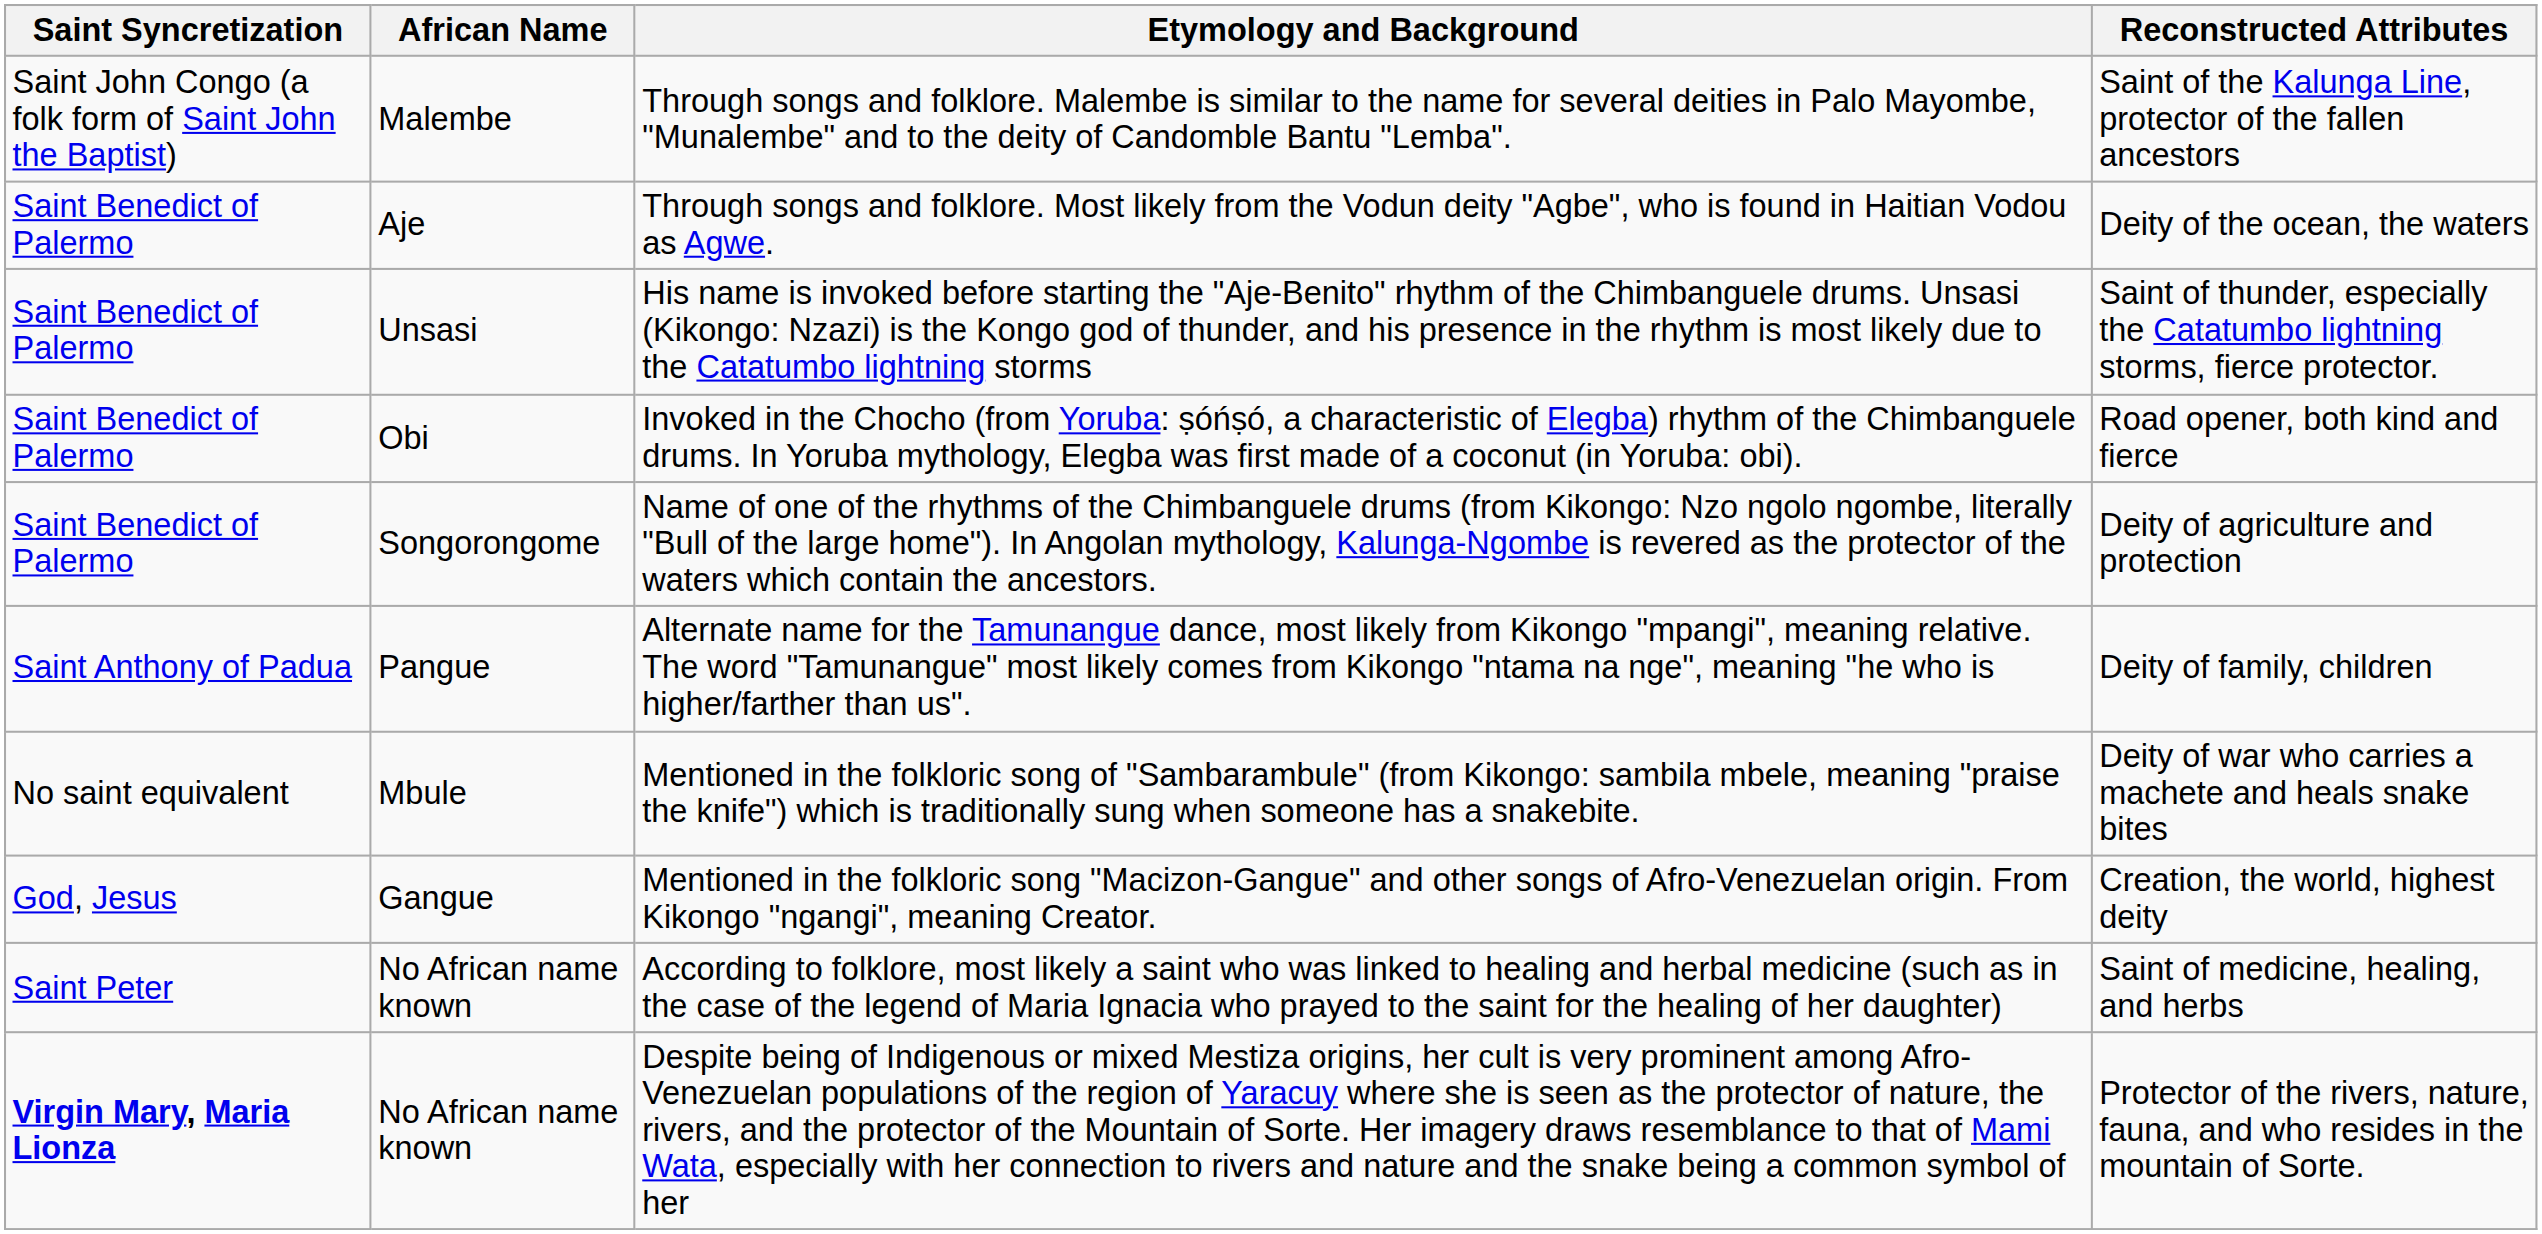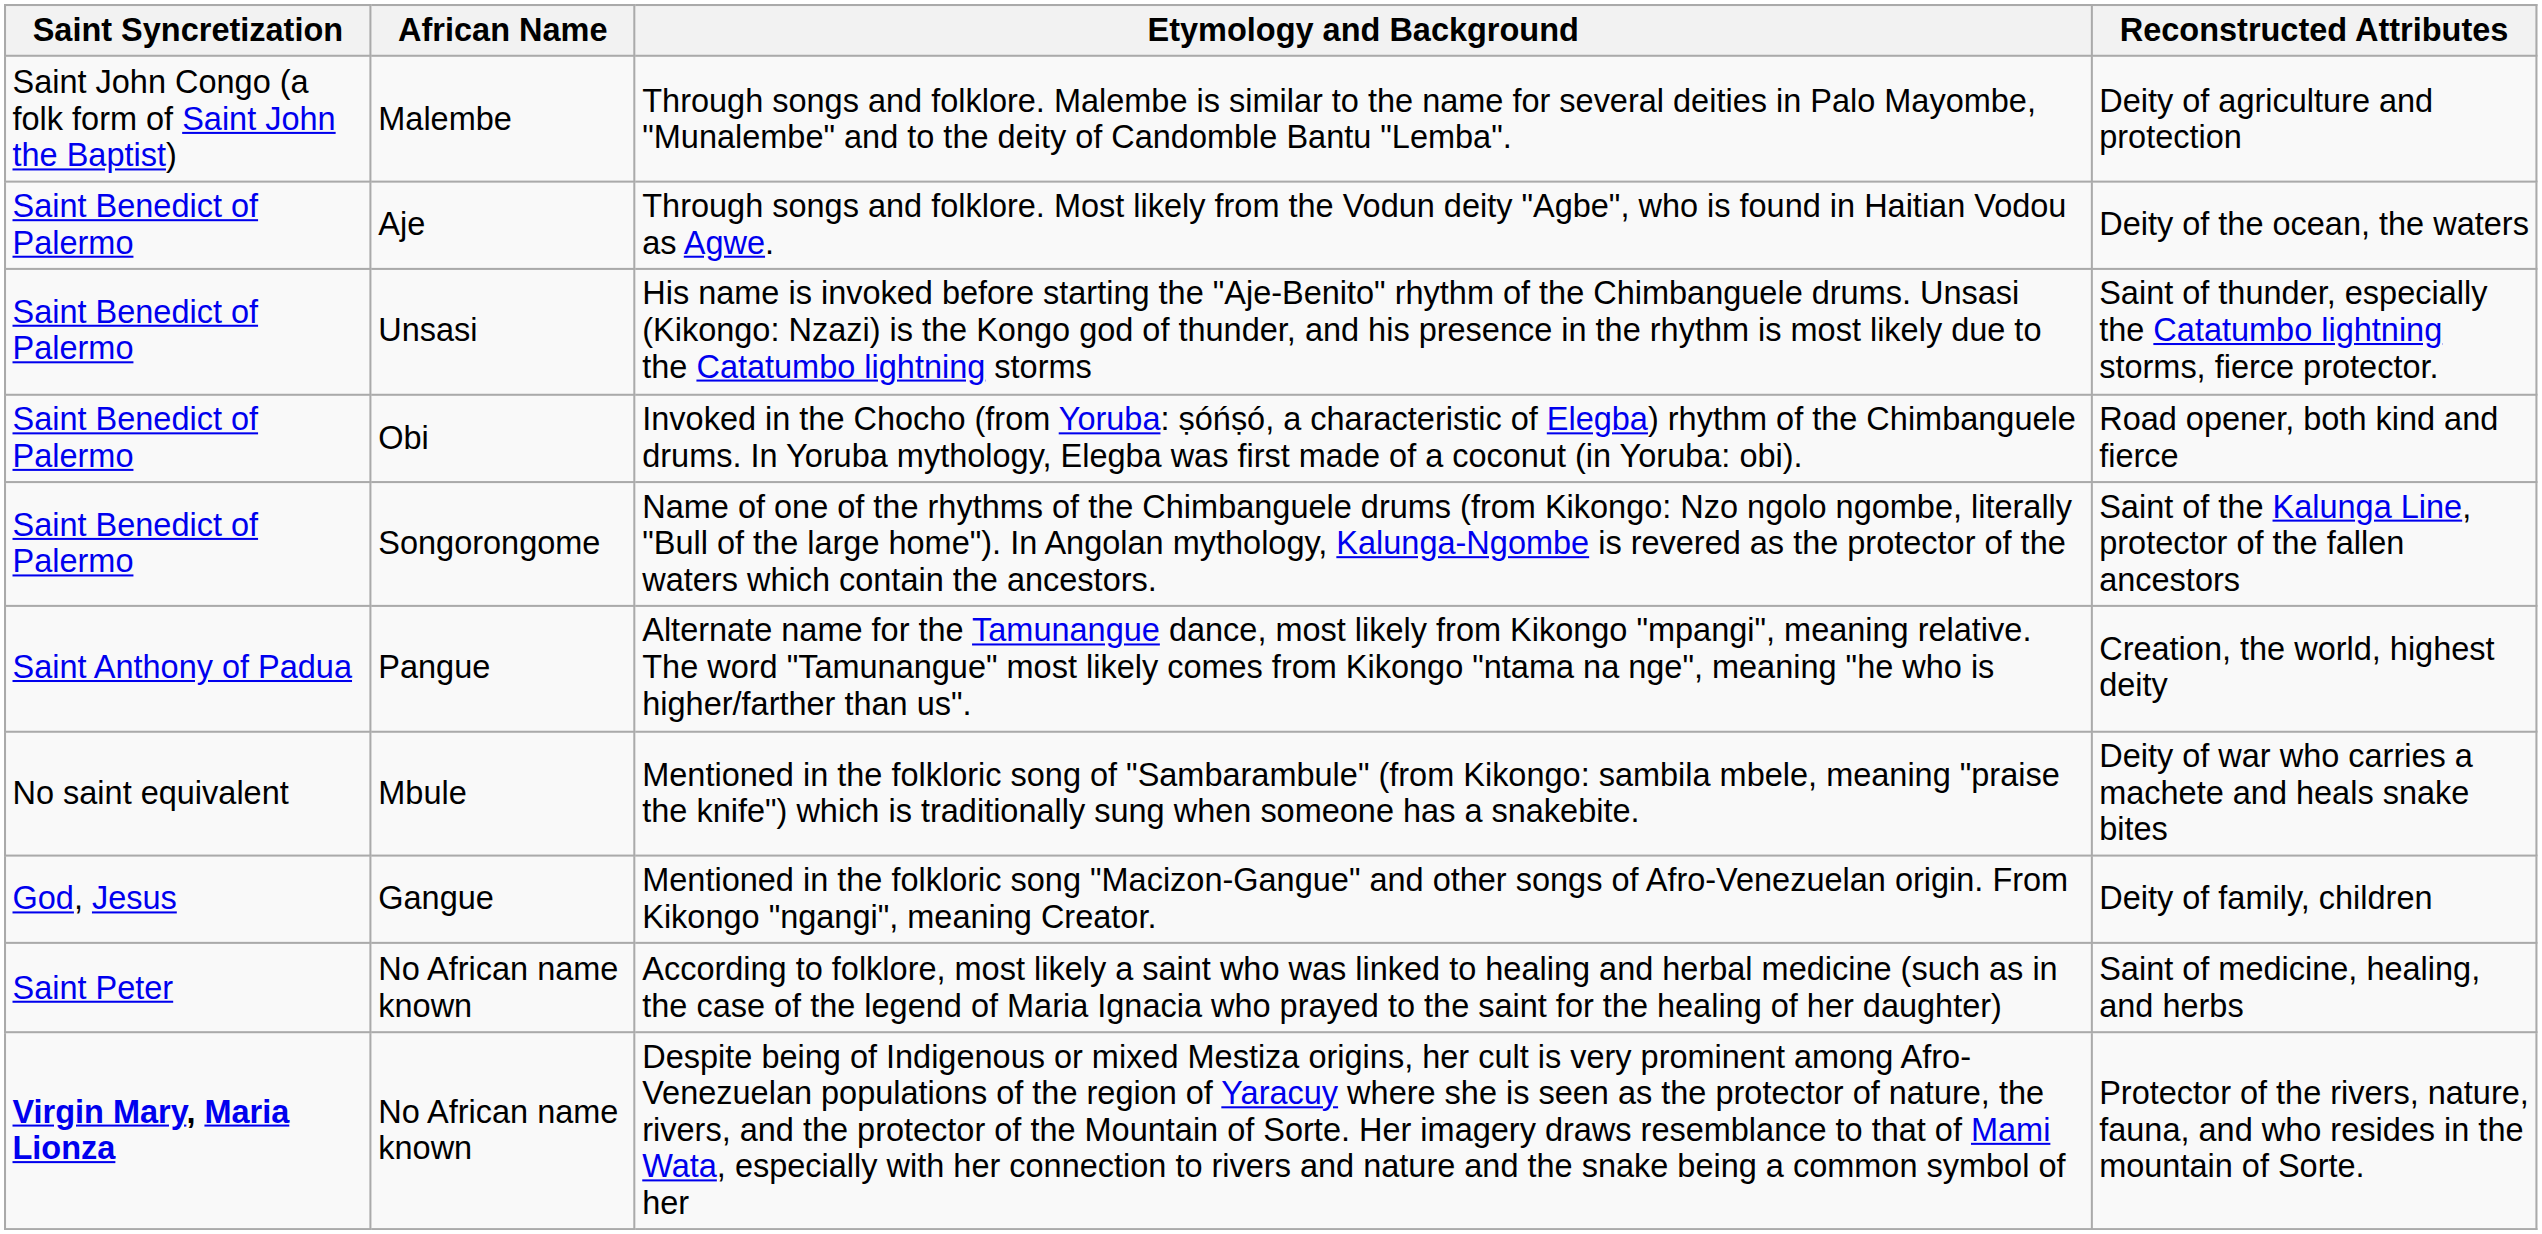 <table class="wikitable">
 <tr>
 <th>Saint Syncretization</th>
 <th>African Name</th>
 <th>Etymology and Background</th>
 <th>Reconstructed Attributes</th>
 </tr>
 <tr>
 <td>Saint John Congo (a folk form of <a href='#'>Saint John the Baptist</a>)</td>
 <td>Malembe</td>
 <td>Through songs and folklore. Malembe is similar to the name for several deities in Palo Mayombe, "Munalembe" and to the deity of Candomble Bantu "Lemba".</td>
-<td>Saint of the <a href='#'>Kalunga Line</a>, protector of the fallen ancestors</td>
+<td>Deity of agriculture and protection</td>
 </tr>
 <tr>
 <td><a href='#'>Saint Benedict of Palermo</a></td>
 <td>Aje</td>
 <td>Through songs and folklore. Most likely from the Vodun deity "Agbe", who is found in Haitian Vodou as <a href='#'>Agwe</a>.</td>
 <td>Deity of the ocean, the waters</td>
 </tr>
 <tr>
 <td><a href='#'>Saint Benedict of Palermo</a></td>
 <td>Unsasi</td>
 <td>His name is invoked before starting the "Aje-Benito" rhythm of the Chimbanguele drums. Unsasi (Kikongo: Nzazi) is the Kongo god of thunder, and his presence in the rhythm is most likely due to the <a href='#'>Catatumbo lightning</a> storms</td>
 <td>Saint of thunder, especially the <a href='#'>Catatumbo lightning</a> storms, fierce protector.</td>
 </tr>
 <tr>
 <td><a href='#'>Saint Benedict of Palermo</a></td>
 <td>Obi</td>
 <td>Invoked in the Chocho (from <a href='#'>Yoruba</a>: ṣóńṣó, a characteristic of <a href='#'>Elegba</a>) rhythm of the Chimbanguele drums. In Yoruba mythology, Elegba was first made of a coconut (in Yoruba: obi).</td>
 <td>Road opener, both kind and fierce</td>
 </tr>
 <tr>
 <td><a href='#'>Saint Benedict of Palermo</a></td>
 <td>Songorongome</td>
 <td>Name of one of the rhythms of the Chimbanguele drums (from Kikongo: Nzo ngolo ngombe, literally "Bull of the large home"). In Angolan mythology, <a href='#'>Kalunga-Ngombe</a> is revered as the protector of the waters which contain the ancestors.</td>
-<td>Deity of agriculture and protection</td>
+<td>Saint of the <a href='#'>Kalunga Line</a>, protector of the fallen ancestors</td>
 </tr>
 <tr>
 <td><a href='#'>Saint Anthony of Padua</a></td>
 <td>Pangue</td>
 <td>Alternate name for the <a href='#'>Tamunangue</a> dance, most likely from Kikongo "mpangi", meaning relative. The word "Tamunangue" most likely comes from Kikongo "ntama na nge", meaning "he who is higher/farther than us".</td>
-<td>Deity of family, children</td>
+<td>Creation, the world, highest deity</td>
 </tr>
 <tr>
 <td>No saint equivalent</td>
 <td>Mbule</td>
 <td>Mentioned in the folkloric song of "Sambarambule" (from Kikongo: sambila mbele, meaning "praise the knife") which is traditionally sung when someone has a snakebite.</td>
 <td>Deity of war who carries a machete and heals snake bites</td>
 </tr>
 <tr>
 <td><a href='#'>God</a>, <a href='#'>Jesus</a></td>
 <td>Gangue</td>
 <td>Mentioned in the folkloric song "Macizon-Gangue"  and other songs of Afro-Venezuelan origin. From Kikongo "ngangi", meaning Creator.</td>
-<td>Creation, the world, highest deity</td>
+<td>Deity of family, children</td>
 </tr>
 <tr>
 <td><a href='#'>Saint Peter</a></td>
 <td>No African name known</td>
 <td>According to folklore, most likely a saint who was linked to healing and herbal medicine (such as in the case of the legend of Maria Ignacia who prayed to the saint for the healing of her daughter)</td>
 <td>Saint of medicine, healing, and herbs</td>
 </tr>
 <tr>
 <td><strong><a href='#'>Virgin Mary</a>, <a href='#'>Maria Lionza</a></strong></td>
 <td>No African name known</td>
 <td>Despite being of Indigenous or mixed Mestiza origins, her cult is very prominent among Afro-Venezuelan populations of the region of <a href='#'>Yaracuy</a> where she is seen as the protector of nature, the rivers, and the protector of the Mountain of Sorte. Her imagery draws resemblance to that of <a href='#'>Mami Wata</a>, especially with her connection to rivers and nature and the snake being a common symbol of her</td>
 <td>Protector of the rivers, nature, fauna, and who resides in the mountain of Sorte.</td>
 </tr>
 </table>
